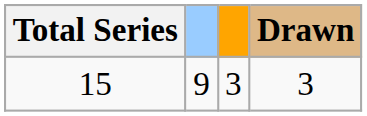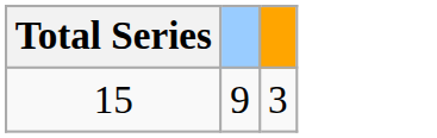 <table class="wikitable">
 <tr>
 <th>Total Series</th>
 <th style="background:#99ccff"></th>
 <th style="background: Orange;"></th>
-<th style="background:#deb887">Drawn</th>
 </tr>
 <tr>
 <td align="center">15</td>
 <td align="center">9</td>
 <td align="center">3</td>
-<td align="center">3</td>
 </tr>
 </table>
